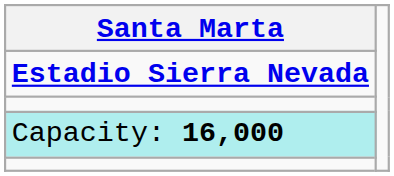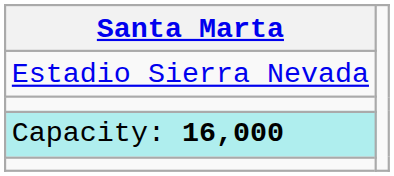 <table class="wikitable">
 <tr>
 <th><a href='#'>Santa Marta</a></th>
 <td rowspan="5"><br></td>
 </tr>
 <tr>
-<td><strong><a href='#'>Estadio Sierra Nevada</a></strong></td>
+<td><a href='#'>Estadio Sierra Nevada</a></td>
 </tr>
 <tr>
 <td></td>
 </tr>
 <tr>
 <td style="background: paleturquoise;">Capacity: <strong>16,000</strong></td>
 </tr>
 <tr>
 <td></td>
 </tr>
 </table>
